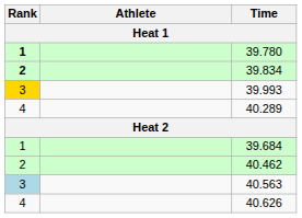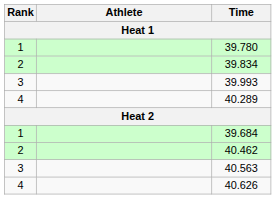 <table class=wikitable style="text-align:center">
 <tr>
 <th width=40>Rank</th>
 <th width=250>Athlete</th>
 <th width=80>Time</th>
 </tr>
 <tr>
 <th colspan=3>Heat 1</th>
 </tr>
 <tr bgcolor="ccffcc">
-<td><strong>1</strong></td>
+<td>1</td>
 <td align=left></td>
 <td>39.780</td>
 </tr>
 <tr bgcolor="ccffcc">
-<td><strong>2</strong></td>
+<td>2</td>
 <td align=left></td>
 <td>39.834</td>
 </tr>
 <tr>
-<td style="background: gold;">3</td>
+<td>3</td>
 <td align=left></td>
 <td>39.993</td>
 </tr>
 <tr>
 <td>4</td>
 <td align=left></td>
 <td>40.289</td>
 </tr>
 <tr>
 <th colspan=3>Heat 2</th>
 </tr>
 <tr bgcolor="ccffcc">
 <td>1</td>
 <td align=left></td>
 <td>39.684</td>
 </tr>
 <tr bgcolor="ccffcc">
 <td>2</td>
 <td align=left></td>
 <td>40.462</td>
 </tr>
 <tr>
-<td style="background: lightblue;">3</td>
+<td>3</td>
 <td align=left></td>
 <td>40.563</td>
 </tr>
 <tr>
 <td>4</td>
 <td align=left></td>
 <td>40.626</td>
 </tr>
 </table>
